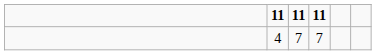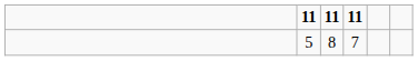 <table class="wikitable">
 <tr>
 <td style="width:18em"><strong></strong></td>
 <td align=center style="width:1em"><strong>11</strong></td>
 <td align=center style="width:1em"><strong>11</strong></td>
 <td align=center style="width:1em"><strong>11</strong></td>
 <td align=center style="width:1em"></td>
 <td align=center style="width:1em"></td>
 </tr>
 <tr>
 <td style="width:18em"></td>
-<td align=center style="width:1em">4</td>
-<td align=center style="width:1em">7</td>
+<td align=center style="width:1em">5</td>
+<td align=center style="width:1em">8</td>
 <td align=center style="width:1em">7</td>
 <td align=center style="width:1em"></td>
 <td align=center style="width:1em"></td>
 </tr>
 </table>
